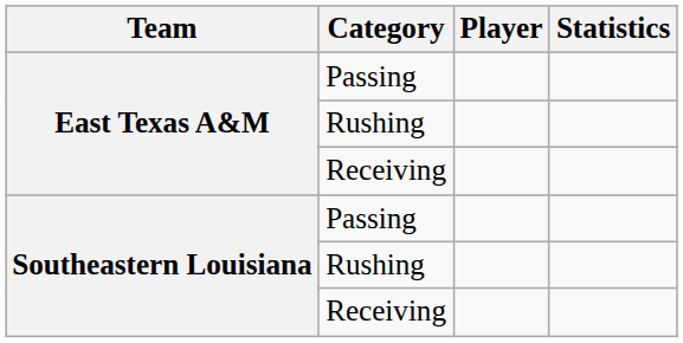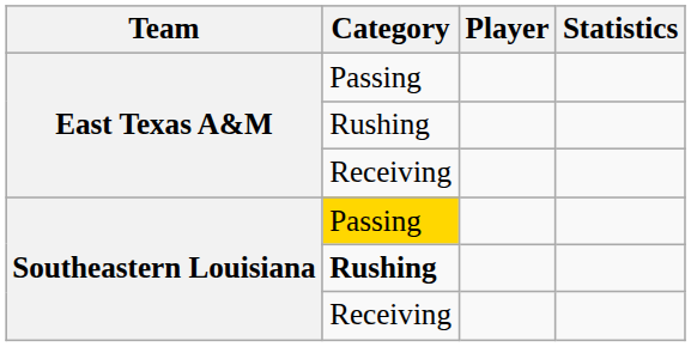 <table class="wikitable" style="float:right">
 <tr>
 <th>Team</th>
 <th>Category</th>
 <th>Player</th>
 <th>Statistics</th>
 </tr>
 <tr>
 <th rowspan=3>East Texas A&M</th>
 <td>Passing</td>
 <td></td>
 <td></td>
 </tr>
 <tr>
 <td>Rushing</td>
 <td></td>
 <td></td>
 </tr>
 <tr>
 <td>Receiving</td>
 <td></td>
 <td></td>
 </tr>
 <tr>
 <th rowspan=3>Southeastern Louisiana</th>
-<td>Passing</td>
+<td style="background: gold;">Passing</td>
 <td></td>
 <td></td>
 </tr>
 <tr>
-<td>Rushing</td>
+<td><strong>Rushing</strong></td>
 <td></td>
 <td></td>
 </tr>
 <tr>
 <td>Receiving</td>
 <td></td>
 <td></td>
 </tr>
 </table>
